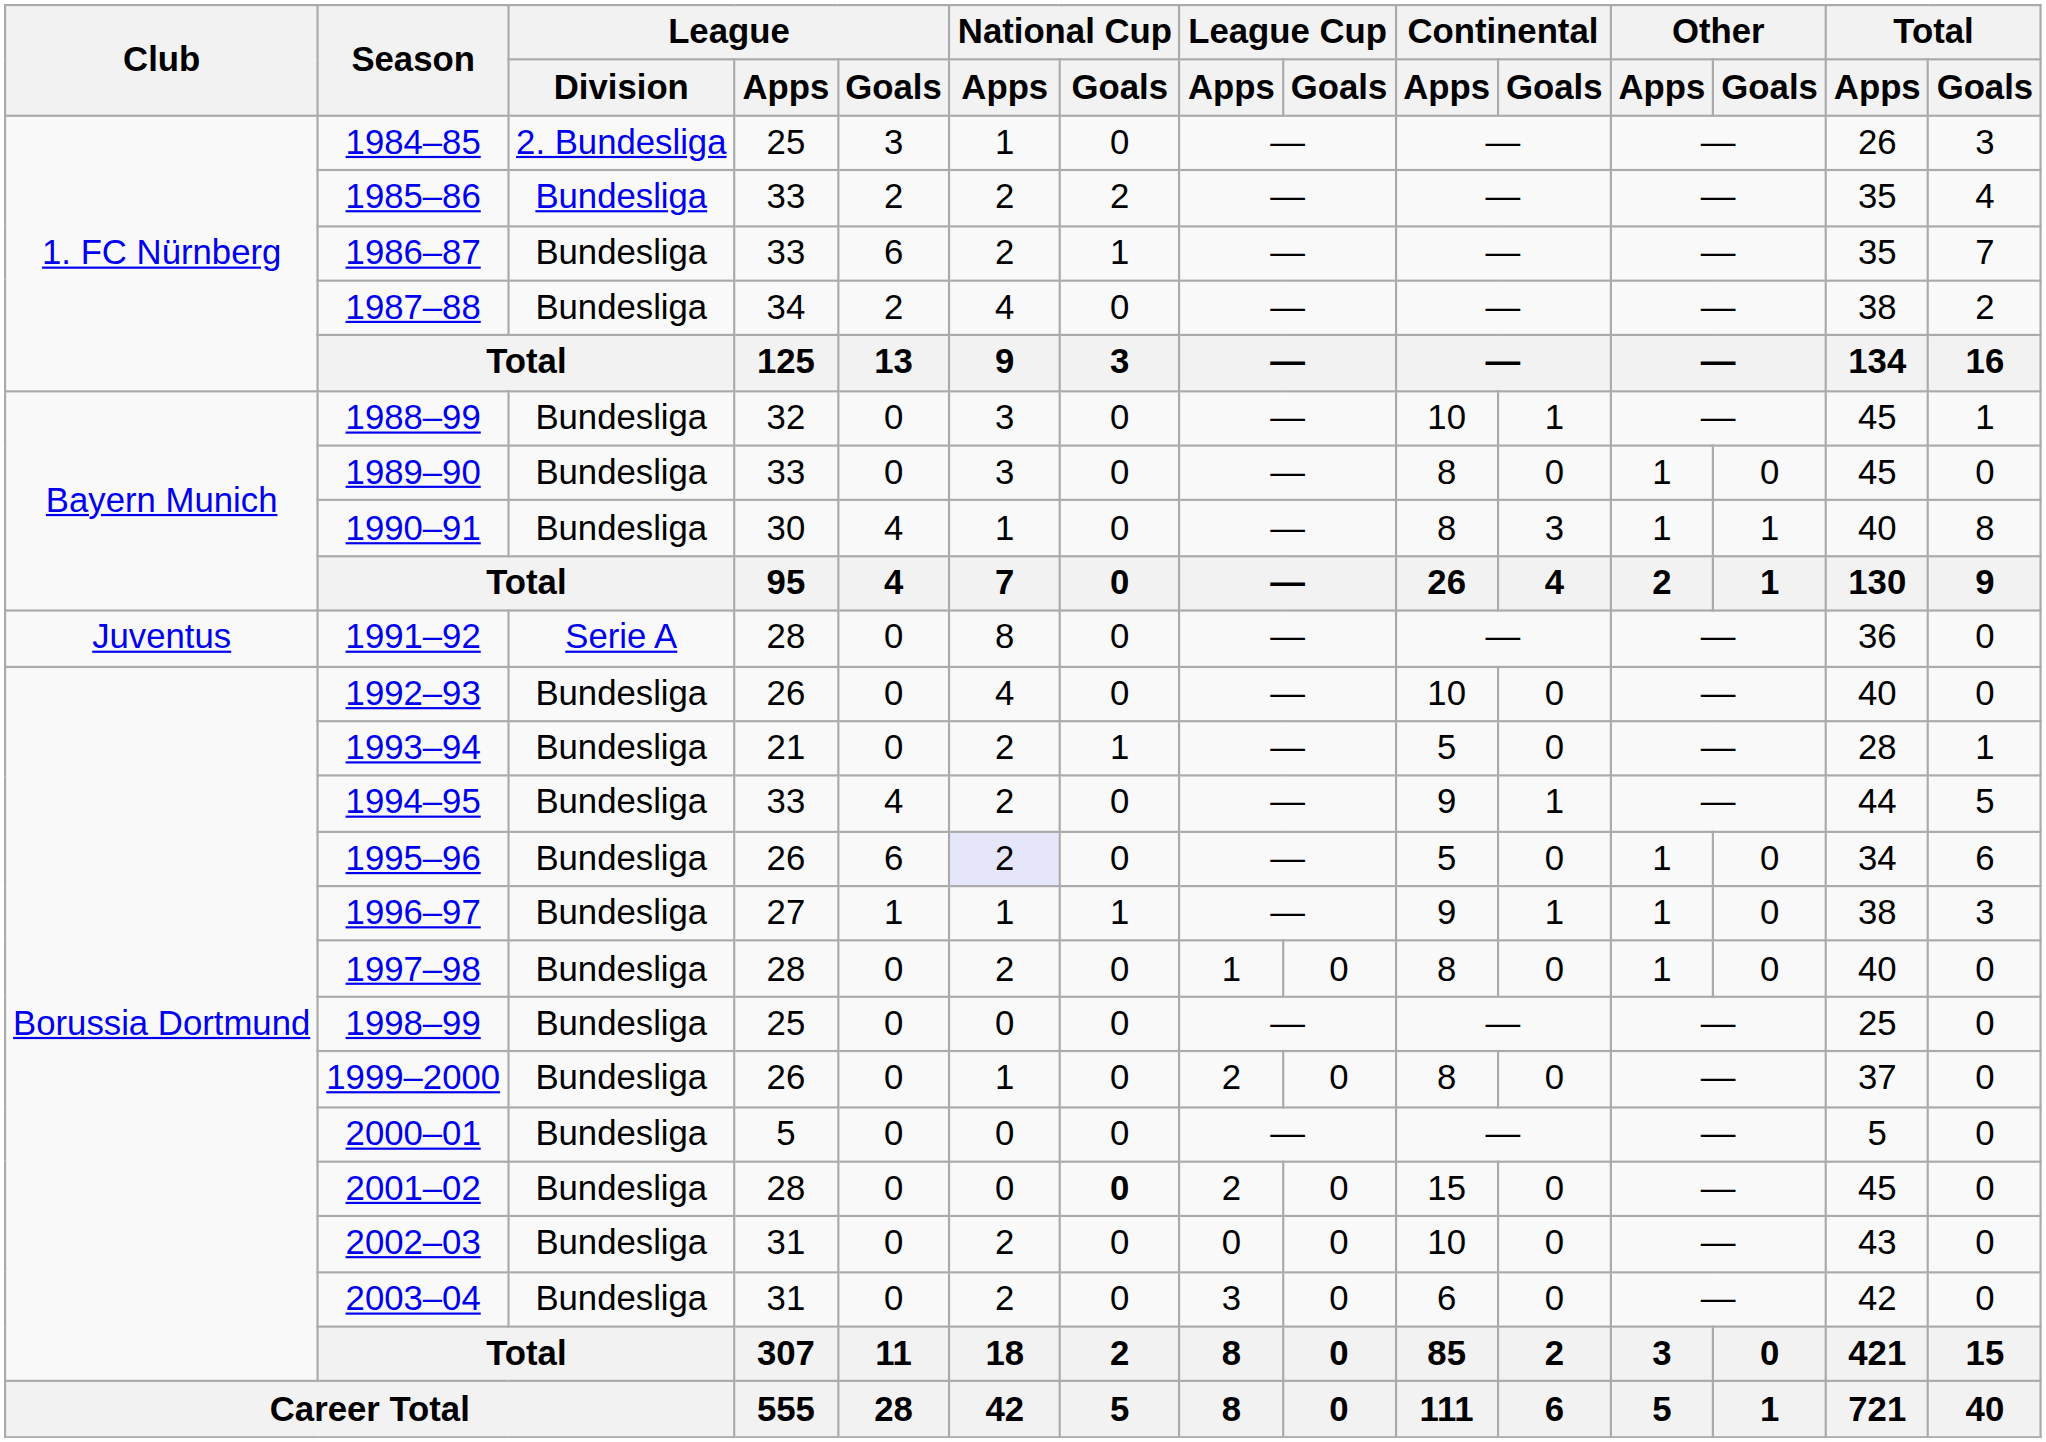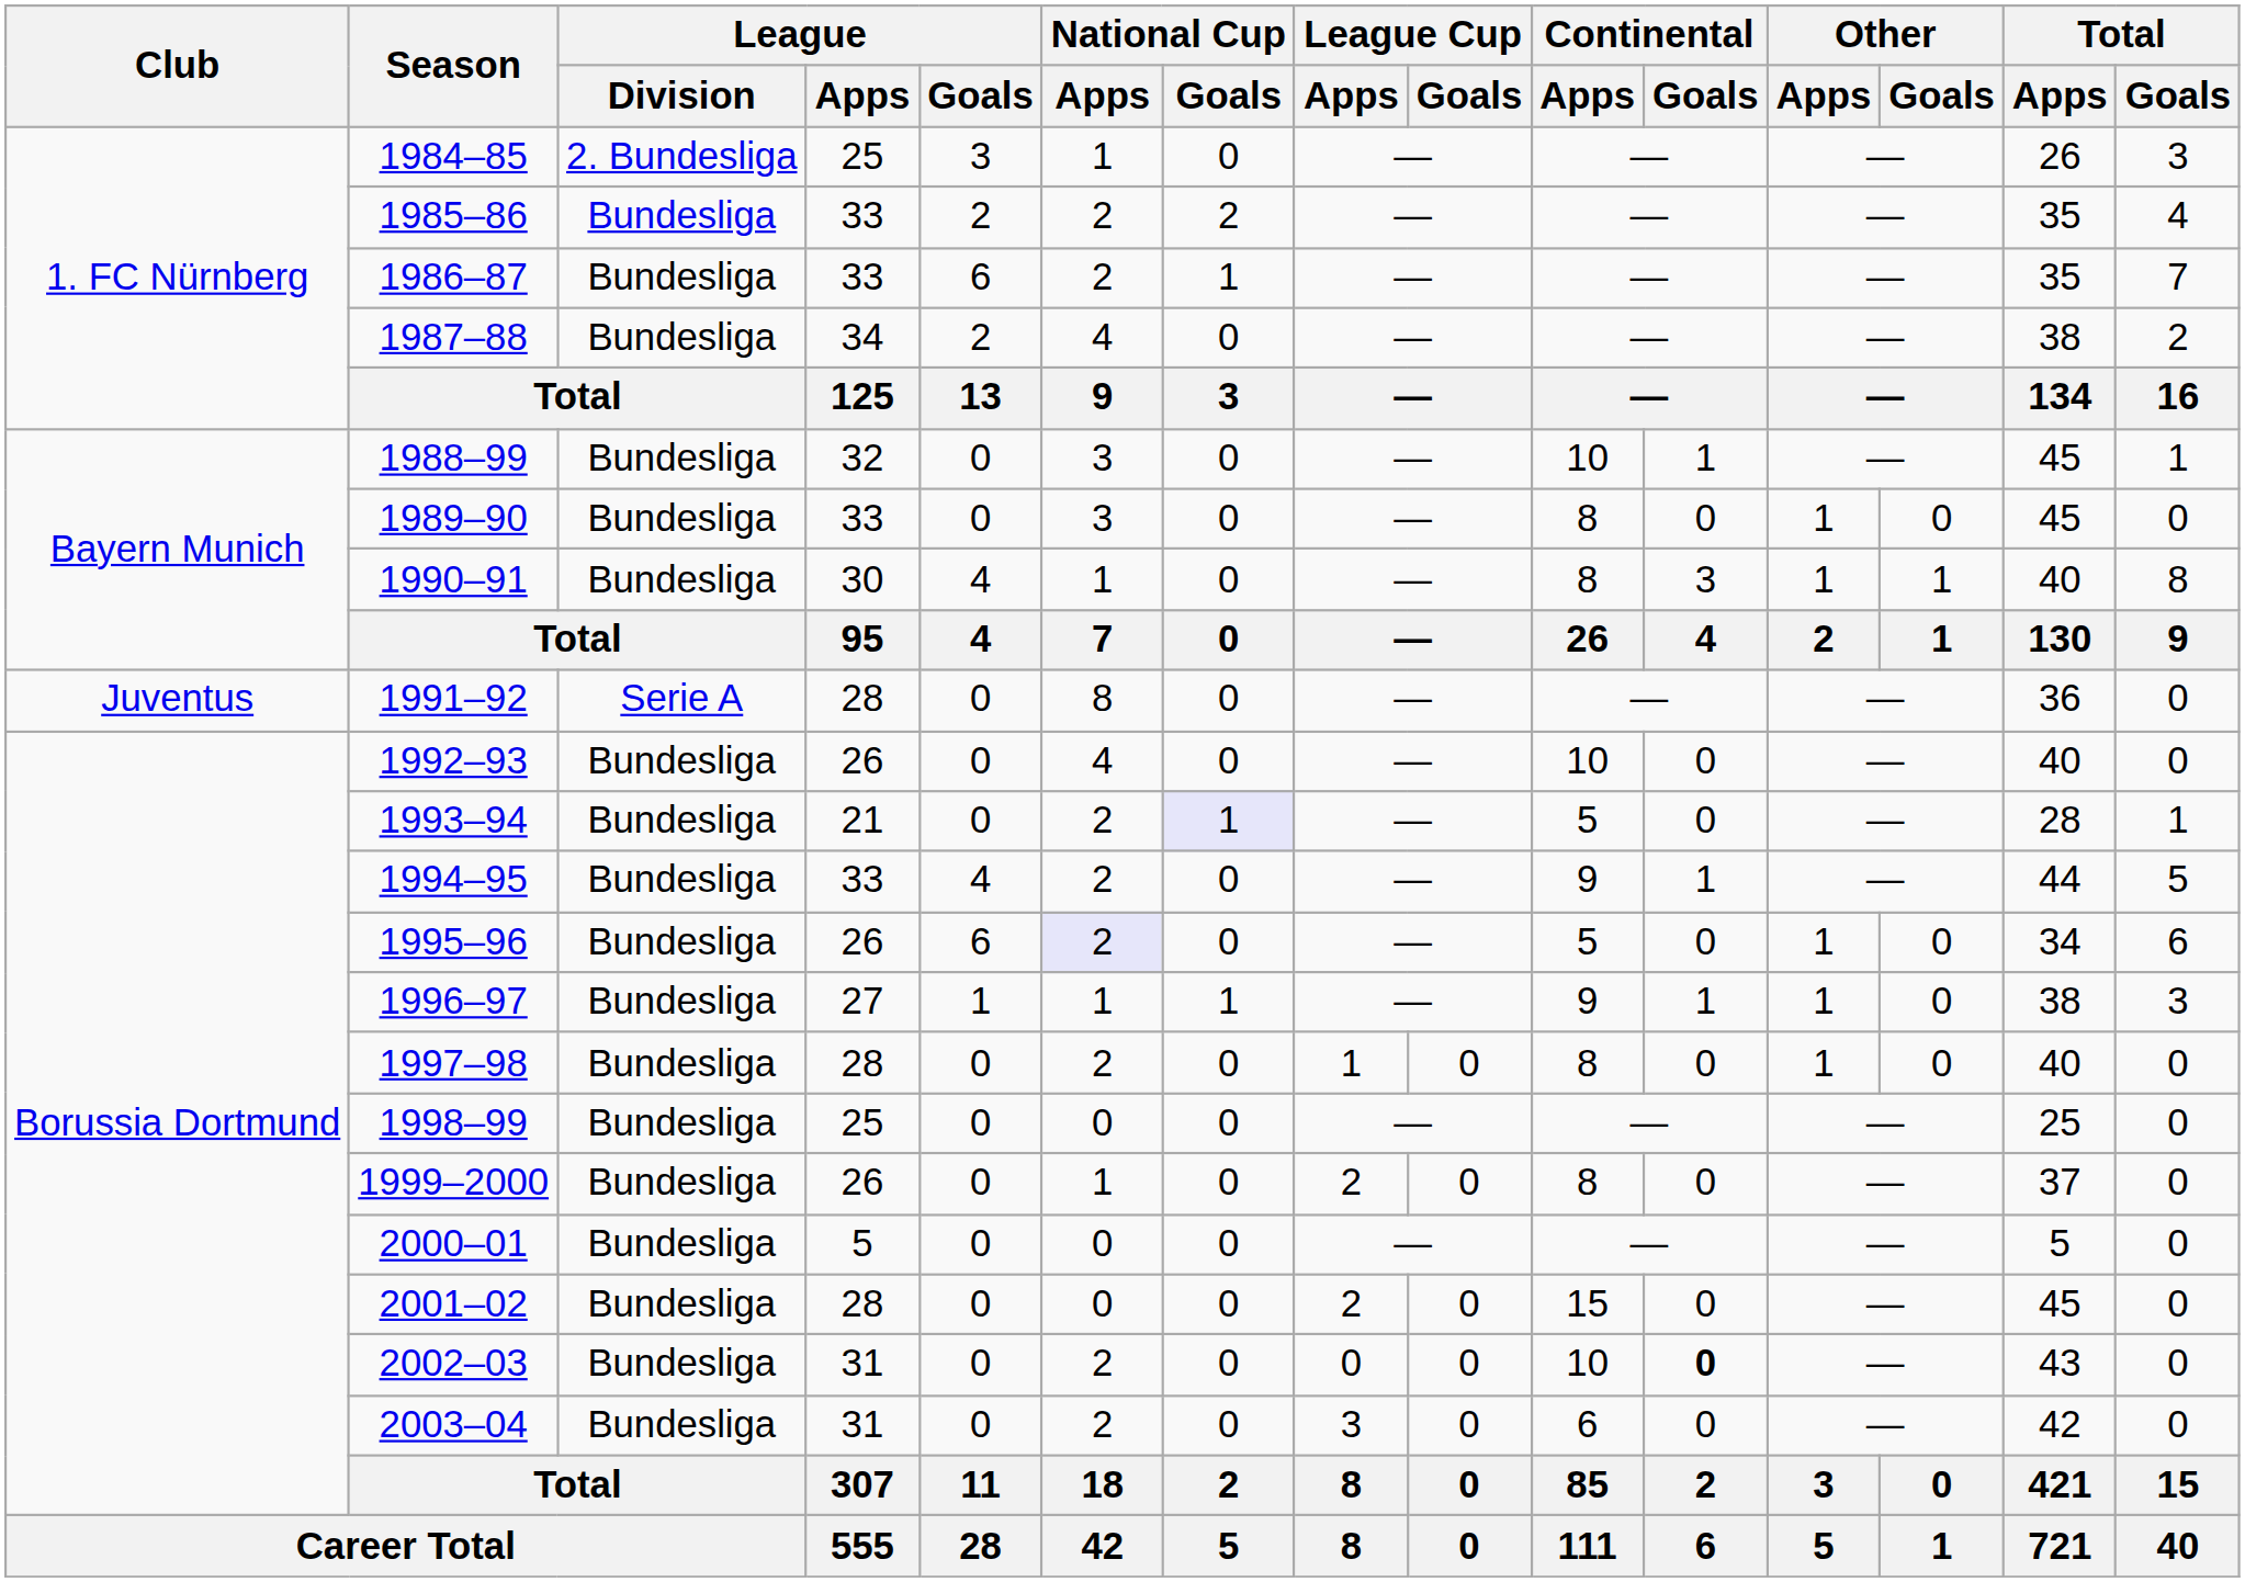 <table class="wikitable" Style="text-align: center">
 <tr>
 <th rowspan="2">Club</th>
 <th rowspan="2">Season</th>
 <th colspan="3">League</th>
 <th colspan="2">National Cup</th>
 <th colspan="2">League Cup</th>
 <th colspan="2">Continental</th>
 <th colspan="2">Other</th>
 <th colspan="2">Total</th>
 </tr>
 <tr>
 <th>Division</th>
 <th>Apps</th>
 <th>Goals</th>
 <th>Apps</th>
 <th>Goals</th>
 <th>Apps</th>
 <th>Goals</th>
 <th>Apps</th>
 <th>Goals</th>
 <th>Apps</th>
 <th>Goals</th>
 <th>Apps</th>
 <th>Goals</th>
 </tr>
 <tr>
 <td rowspan="5"><a href='#'>1. FC Nürnberg</a></td>
 <td><a href='#'>1984–85</a></td>
 <td><a href='#'>2. Bundesliga</a></td>
 <td>25</td>
 <td>3</td>
 <td>1</td>
 <td>0</td>
 <td colspan="2">—</td>
 <td colspan="2">—</td>
 <td colspan="2">—</td>
 <td>26</td>
 <td>3</td>
 </tr>
 <tr>
 <td><a href='#'>1985–86</a></td>
 <td><a href='#'>Bundesliga</a></td>
 <td>33</td>
 <td>2</td>
 <td>2</td>
 <td>2</td>
 <td colspan="2">—</td>
 <td colspan="2">—</td>
 <td colspan="2">—</td>
 <td>35</td>
 <td>4</td>
 </tr>
 <tr>
 <td><a href='#'>1986–87</a></td>
 <td>Bundesliga</td>
 <td>33</td>
 <td>6</td>
 <td>2</td>
 <td>1</td>
 <td colspan="2">—</td>
 <td colspan="2">—</td>
 <td colspan="2">—</td>
 <td>35</td>
 <td>7</td>
 </tr>
 <tr>
 <td><a href='#'>1987–88</a></td>
 <td>Bundesliga</td>
 <td>34</td>
 <td>2</td>
 <td>4</td>
 <td>0</td>
 <td colspan="2">—</td>
 <td colspan="2">—</td>
 <td colspan="2">—</td>
 <td>38</td>
 <td>2</td>
 </tr>
 <tr>
 <th colspan="2">Total</th>
 <th>125</th>
 <th>13</th>
 <th>9</th>
 <th>3</th>
 <th colspan="2">—</th>
 <th colspan="2">—</th>
 <th colspan="2">—</th>
 <th>134</th>
 <th>16</th>
 </tr>
 <tr>
 <td rowspan="4"><a href='#'>Bayern Munich</a></td>
 <td><a href='#'>1988–99</a></td>
 <td>Bundesliga</td>
 <td>32</td>
 <td>0</td>
 <td>3</td>
 <td>0</td>
 <td colspan="2">—</td>
 <td>10</td>
 <td>1</td>
 <td colspan="2">—</td>
 <td>45</td>
 <td>1</td>
 </tr>
 <tr>
 <td><a href='#'>1989–90</a></td>
 <td>Bundesliga</td>
 <td>33</td>
 <td>0</td>
 <td>3</td>
 <td>0</td>
 <td colspan="2">—</td>
 <td>8</td>
 <td>0</td>
 <td>1</td>
 <td>0</td>
 <td>45</td>
 <td>0</td>
 </tr>
 <tr>
 <td><a href='#'>1990–91</a></td>
 <td>Bundesliga</td>
 <td>30</td>
 <td>4</td>
 <td>1</td>
 <td>0</td>
 <td colspan="2">—</td>
 <td>8</td>
 <td>3</td>
 <td>1</td>
 <td>1</td>
 <td>40</td>
 <td>8</td>
 </tr>
 <tr>
 <th colspan="2">Total</th>
 <th>95</th>
 <th>4</th>
 <th>7</th>
 <th>0</th>
 <th colspan="2">—</th>
 <th>26</th>
 <th>4</th>
 <th>2</th>
 <th>1</th>
 <th>130</th>
 <th>9</th>
 </tr>
 <tr>
 <td><a href='#'>Juventus</a></td>
 <td><a href='#'>1991–92</a></td>
 <td><a href='#'>Serie A</a></td>
 <td>28</td>
 <td>0</td>
 <td>8</td>
 <td>0</td>
 <td colspan="2">—</td>
 <td colspan="2">—</td>
 <td colspan="2">—</td>
 <td>36</td>
 <td>0</td>
 </tr>
 <tr>
 <td rowspan="13"><a href='#'>Borussia Dortmund</a></td>
 <td><a href='#'>1992–93</a></td>
 <td>Bundesliga</td>
 <td>26</td>
 <td>0</td>
 <td>4</td>
 <td>0</td>
 <td colspan="2">—</td>
 <td>10</td>
 <td>0</td>
 <td colspan="2">—</td>
 <td>40</td>
 <td>0</td>
 </tr>
 <tr>
 <td><a href='#'>1993–94</a></td>
 <td>Bundesliga</td>
 <td>21</td>
 <td>0</td>
 <td>2</td>
-<td>1</td>
+<td style="background: lavender;">1</td>
 <td colspan="2">—</td>
 <td>5</td>
 <td>0</td>
 <td colspan="2">—</td>
 <td>28</td>
 <td>1</td>
 </tr>
 <tr>
 <td><a href='#'>1994–95</a></td>
 <td>Bundesliga</td>
 <td>33</td>
 <td>4</td>
 <td>2</td>
 <td>0</td>
 <td colspan="2">—</td>
 <td>9</td>
 <td>1</td>
 <td colspan="2">—</td>
 <td>44</td>
 <td>5</td>
 </tr>
 <tr>
 <td><a href='#'>1995–96</a></td>
 <td>Bundesliga</td>
 <td>26</td>
 <td>6</td>
 <td style="background: lavender;">2</td>
 <td>0</td>
 <td colspan="2">—</td>
 <td>5</td>
 <td>0</td>
 <td>1</td>
 <td>0</td>
 <td>34</td>
 <td>6</td>
 </tr>
 <tr>
 <td><a href='#'>1996–97</a></td>
 <td>Bundesliga</td>
 <td>27</td>
 <td>1</td>
 <td>1</td>
 <td>1</td>
 <td colspan="2">—</td>
 <td>9</td>
 <td>1</td>
 <td>1</td>
 <td>0</td>
 <td>38</td>
 <td>3</td>
 </tr>
 <tr>
 <td><a href='#'>1997–98</a></td>
 <td>Bundesliga</td>
 <td>28</td>
 <td>0</td>
 <td>2</td>
 <td>0</td>
 <td>1</td>
 <td>0</td>
 <td>8</td>
 <td>0</td>
 <td>1</td>
 <td>0</td>
 <td>40</td>
 <td>0</td>
 </tr>
 <tr>
 <td><a href='#'>1998–99</a></td>
 <td>Bundesliga</td>
 <td>25</td>
 <td>0</td>
 <td>0</td>
 <td>0</td>
 <td colspan="2">—</td>
 <td colspan="2">—</td>
 <td colspan="2">—</td>
 <td>25</td>
 <td>0</td>
 </tr>
 <tr>
 <td><a href='#'>1999–2000</a></td>
 <td>Bundesliga</td>
 <td>26</td>
 <td>0</td>
 <td>1</td>
 <td>0</td>
 <td>2</td>
 <td>0</td>
 <td>8</td>
 <td>0</td>
 <td colspan="2">—</td>
 <td>37</td>
 <td>0</td>
 </tr>
 <tr>
 <td><a href='#'>2000–01</a></td>
 <td>Bundesliga</td>
 <td>5</td>
 <td>0</td>
 <td>0</td>
 <td>0</td>
 <td colspan="2">—</td>
 <td colspan="2">—</td>
 <td colspan="2">—</td>
 <td>5</td>
 <td>0</td>
 </tr>
 <tr>
 <td><a href='#'>2001–02</a></td>
 <td>Bundesliga</td>
 <td>28</td>
 <td>0</td>
 <td>0</td>
-<td><strong>0</strong></td>
+<td>0</td>
 <td>2</td>
 <td>0</td>
 <td>15</td>
 <td>0</td>
 <td colspan="2">—</td>
 <td>45</td>
 <td>0</td>
 </tr>
 <tr>
 <td><a href='#'>2002–03</a></td>
 <td>Bundesliga</td>
 <td>31</td>
 <td>0</td>
 <td>2</td>
 <td>0</td>
 <td>0</td>
 <td>0</td>
 <td>10</td>
-<td>0</td>
+<td><strong>0</strong></td>
 <td colspan="2">—</td>
 <td>43</td>
 <td>0</td>
 </tr>
 <tr>
 <td><a href='#'>2003–04</a></td>
 <td>Bundesliga</td>
 <td>31</td>
 <td>0</td>
 <td>2</td>
 <td>0</td>
 <td>3</td>
 <td>0</td>
 <td>6</td>
 <td>0</td>
 <td colspan="2">—</td>
 <td>42</td>
 <td>0</td>
 </tr>
 <tr>
 <th colspan="2">Total</th>
 <th>307</th>
 <th>11</th>
 <th>18</th>
 <th>2</th>
 <th>8</th>
 <th>0</th>
 <th>85</th>
 <th>2</th>
 <th>3</th>
 <th>0</th>
 <th>421</th>
 <th>15</th>
 </tr>
 <tr>
 <th colspan="3">Career Total</th>
 <th>555</th>
 <th>28</th>
 <th>42</th>
 <th>5</th>
 <th>8</th>
 <th>0</th>
 <th>111</th>
 <th>6</th>
 <th>5</th>
 <th>1</th>
 <th>721</th>
 <th>40</th>
 </tr>
 </table>
